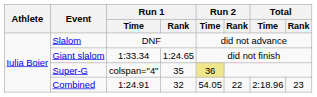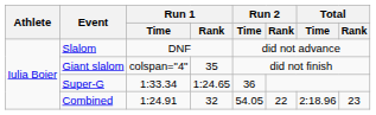 <table class="wikitable" style="font-size:90%">
 <tr>
 <th rowspan=2>Athlete</th>
 <th rowspan=2>Event</th>
 <th colspan=2>Run 1</th>
 <th colspan=2>Run 2</th>
 <th colspan=2>Total</th>
 </tr>
 <tr style="font-size:95%">
 <th>Time</th>
 <th>Rank</th>
 <th>Time</th>
 <th>Rank</th>
 <th>Time</th>
 <th>Rank</th>
 </tr>
 <tr align=center>
 <td align="left" rowspan="4"><a href='#'>Iulia Boier</a></td>
 <td align="left"><a href='#'>Slalom</a></td>
 <td colspan=2>DNF</td>
 <td colspan=4>did not advance</td>
 </tr>
 <tr align=center>
 <td align="left"><a href='#'>Giant slalom</a></td>
-<td>1:33.34</td>
-<td>1:24.65</td>
+<td>colspan="4" </td>
+<td>35</td>
 <td colspan=4>did not finish</td>
 </tr>
 <tr align=center>
 <td align="left"><a href='#'>Super-G</a></td>
-<td>colspan="4" </td>
-<td>35</td>
-<td style="background: khaki;">36</td>
+<td>1:33.34</td>
+<td>1:24.65</td>
+<td>36</td>
 </tr>
 <tr align=center>
 <td align="left"><a href='#'>Combined</a></td>
 <td>1:24.91</td>
 <td>32</td>
 <td>54.05</td>
 <td>22</td>
 <td>2:18.96</td>
 <td>23</td>
 </tr>
 </table>
